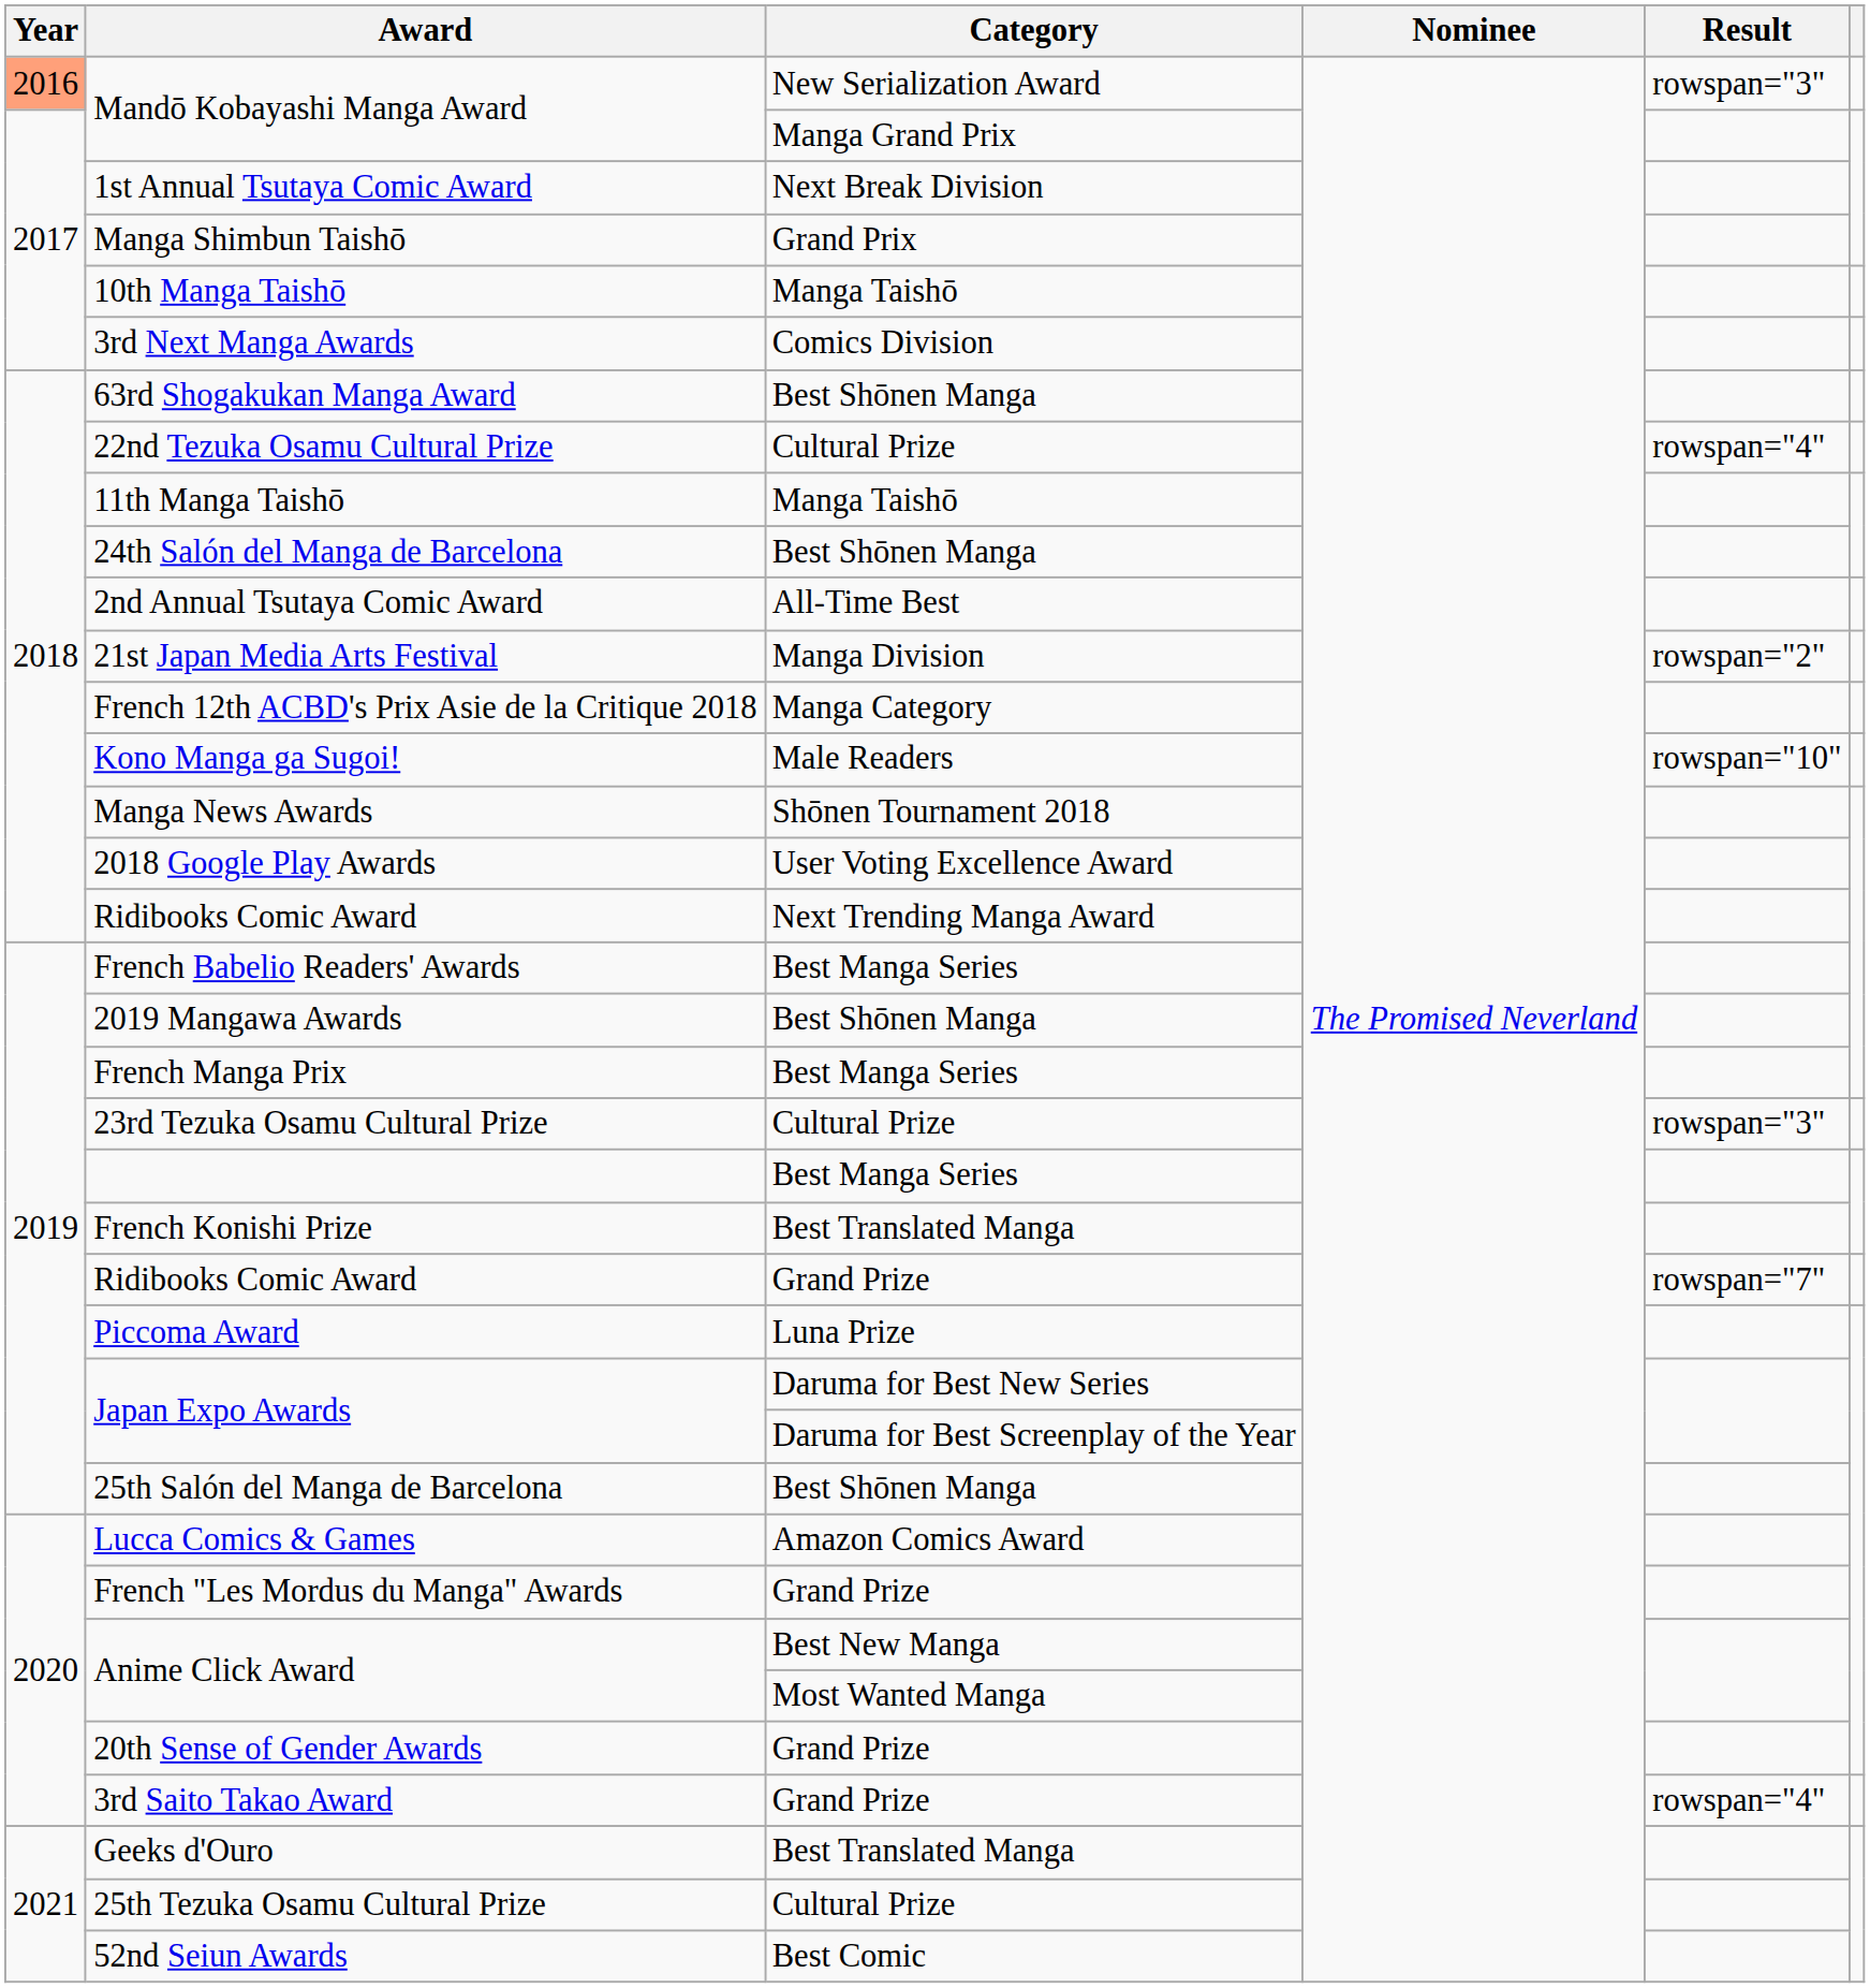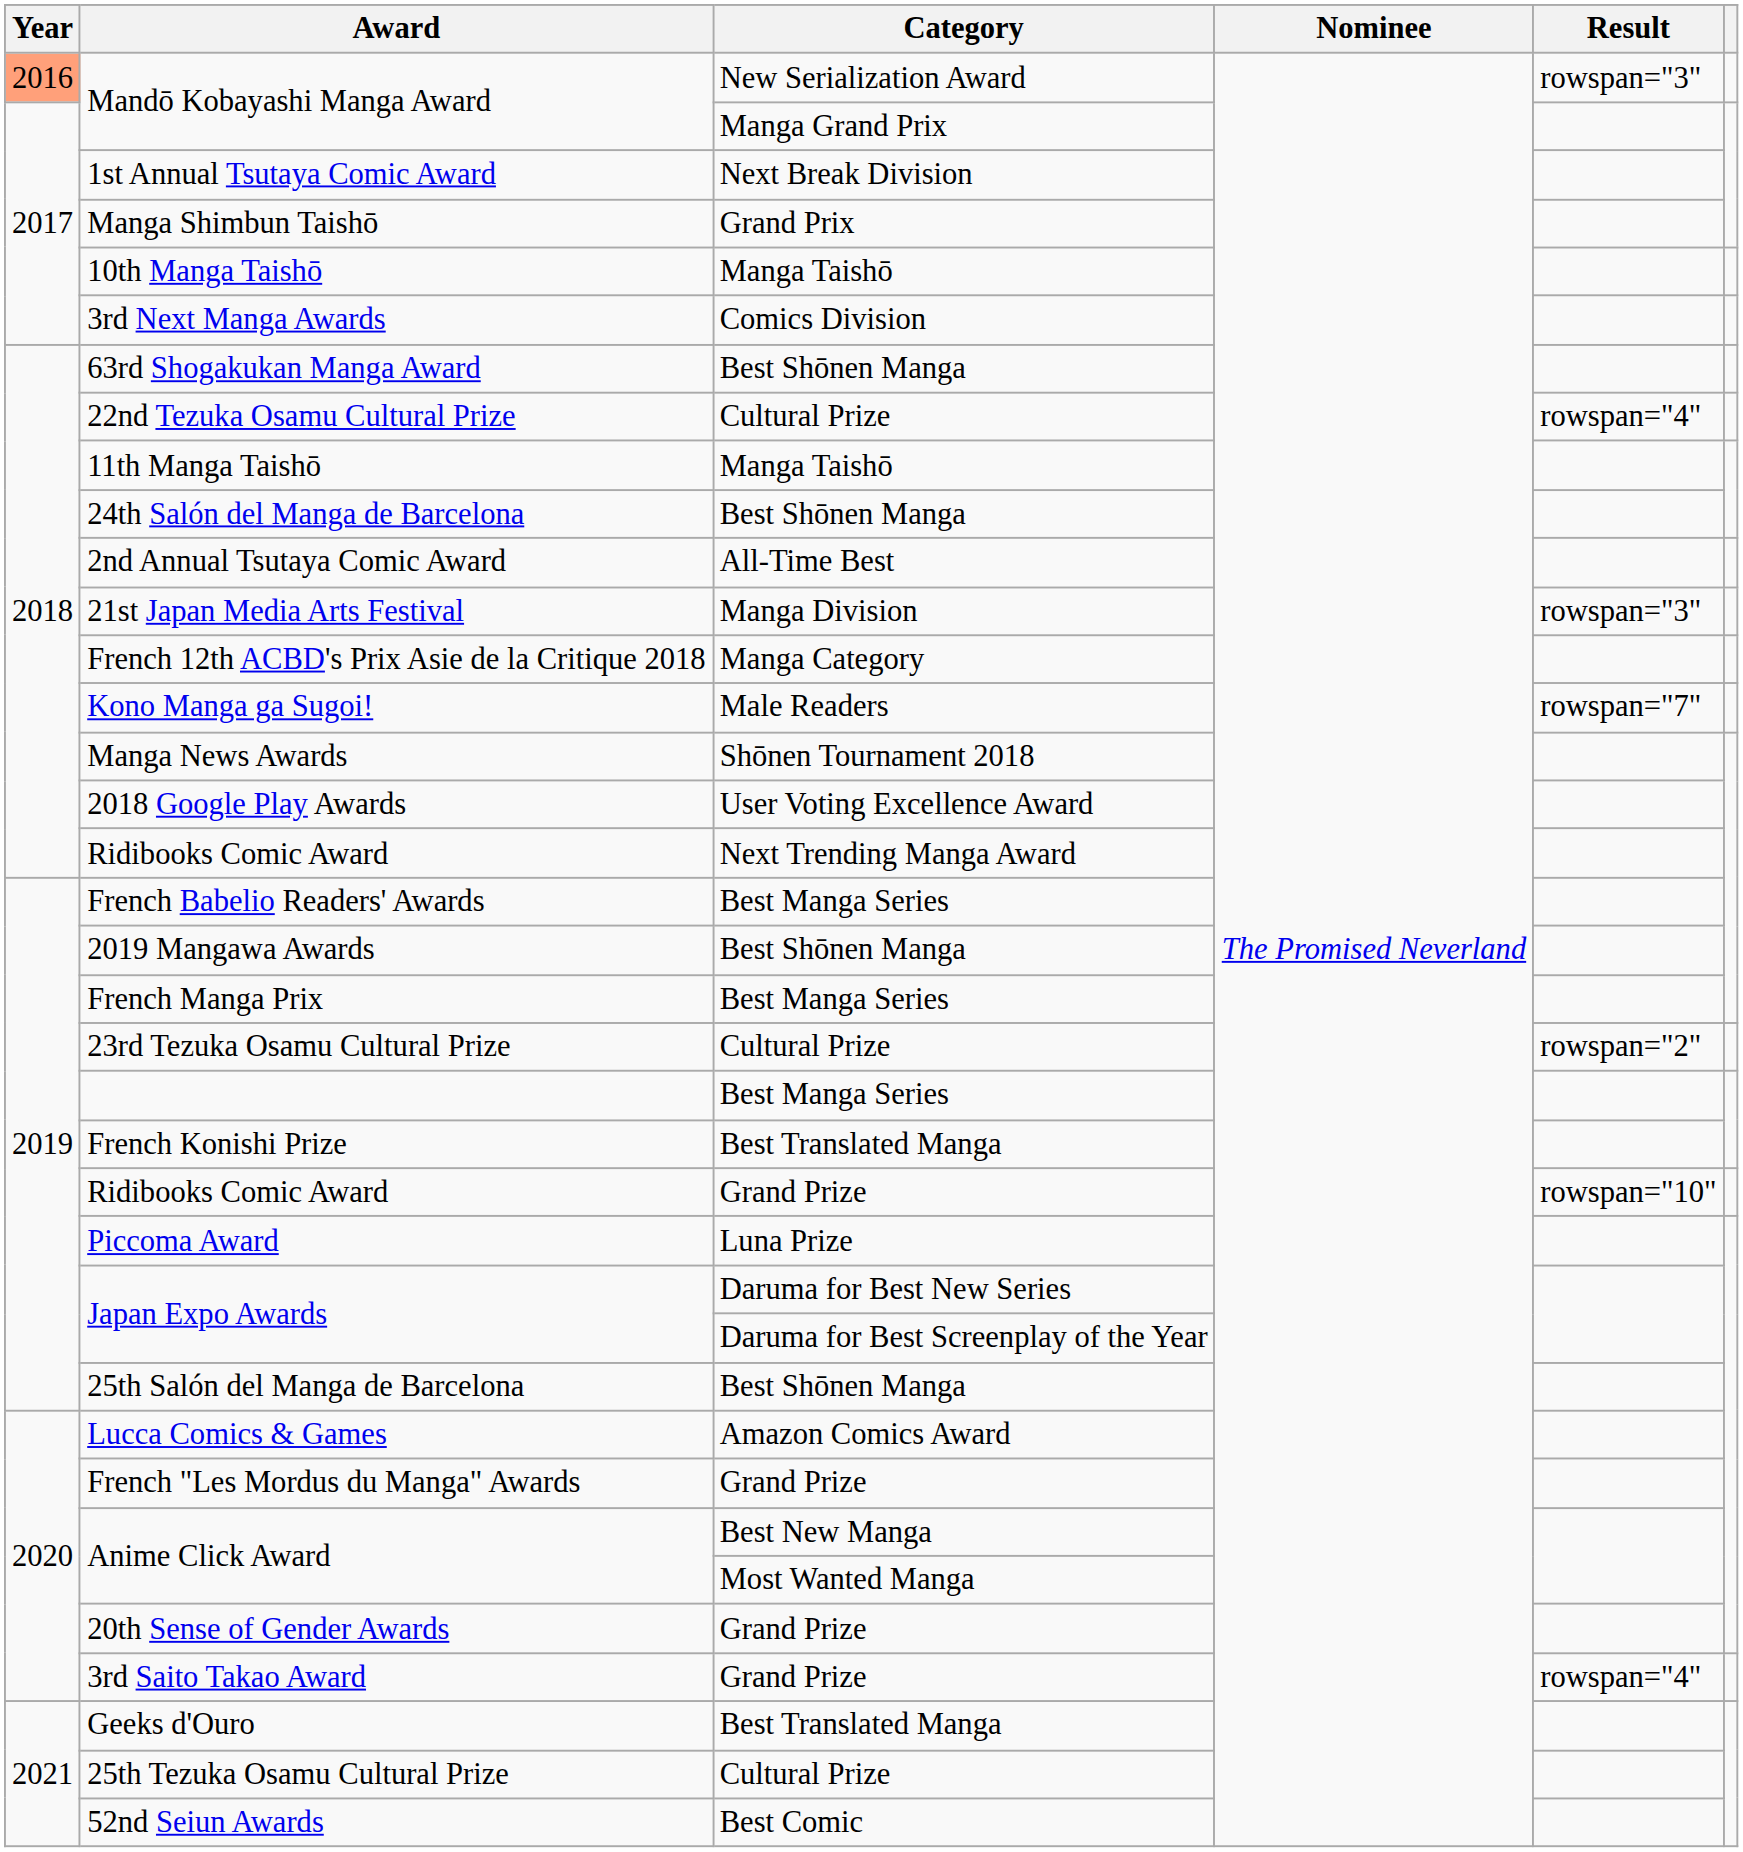 <table class="wikitable sortable">
 <tr>
 <th>Year</th>
 <th>Award</th>
 <th>Category</th>
 <th>Nominee</th>
 <th>Result</th>
 <th></th>
 </tr>
 <tr>
 <td style="background: lightsalmon;">2016</td>
 <td rowspan="2">Mandō Kobayashi Manga Award</td>
 <td>New Serialization Award</td>
 <td rowspan="37"><em><a href='#'>The Promised Neverland</a></em></td>
 <td>rowspan="3" </td>
 <td align=center></td>
 </tr>
 <tr>
 <td rowspan="5">2017</td>
 <td>Manga Grand Prix</td>
 <td align=center></td>
 </tr>
 <tr>
 <td>1st Annual <a href='#'>Tsutaya Comic Award</a></td>
 <td>Next Break Division</td>
 <td align=center></td>
 </tr>
 <tr>
 <td>Manga Shimbun Taishō</td>
 <td>Grand Prix</td>
 <td align=center></td>
 </tr>
 <tr>
 <td>10th <a href='#'>Manga Taishō</a></td>
 <td>Manga Taishō</td>
 <td></td>
 <td align=center></td>
 </tr>
 <tr>
 <td>3rd <a href='#'>Next Manga Awards</a></td>
 <td>Comics Division</td>
 <td></td>
 <td align=center></td>
 </tr>
 <tr>
 <td rowspan="11">2018</td>
 <td>63rd <a href='#'>Shogakukan Manga Award</a></td>
 <td>Best Shōnen Manga</td>
 <td></td>
 <td align=center></td>
 </tr>
 <tr>
 <td>22nd <a href='#'>Tezuka Osamu Cultural Prize</a></td>
 <td>Cultural Prize</td>
 <td>rowspan="4" </td>
 <td align=center></td>
 </tr>
 <tr>
 <td>11th Manga Taishō</td>
 <td>Manga Taishō</td>
 <td align=center></td>
 </tr>
 <tr>
 <td>24th <a href='#'>Salón del Manga de Barcelona</a></td>
 <td>Best Shōnen Manga</td>
 <td align=center></td>
 </tr>
 <tr>
 <td>2nd Annual Tsutaya Comic Award</td>
 <td>All-Time Best</td>
 <td></td>
 <td align=center></td>
 </tr>
 <tr>
 <td>21st <a href='#'>Japan Media Arts Festival</a></td>
 <td>Manga Division</td>
-<td>rowspan="2" </td>
+<td>rowspan="3"</td>
 <td align=center></td>
 </tr>
 <tr>
 <td>French 12th <a href='#'>ACBD</a>'s Prix Asie de la Critique 2018</td>
 <td>Manga Category</td>
 <td align=center></td>
 </tr>
 <tr>
 <td><a href='#'>Kono Manga ga Sugoi!</a></td>
 <td>Male Readers</td>
-<td>rowspan="10" </td>
+<td>rowspan="7" </td>
 <td align=center></td>
 </tr>
 <tr>
 <td>Manga News Awards</td>
 <td>Shōnen Tournament 2018</td>
 <td align=center></td>
 </tr>
 <tr>
 <td>2018 <a href='#'>Google Play</a> Awards</td>
 <td>User Voting Excellence Award</td>
 <td align=center></td>
 </tr>
 <tr>
 <td>Ridibooks Comic Award</td>
 <td>Next Trending Manga Award</td>
 <td align=center></td>
 </tr>
 <tr>
 <td rowspan="11">2019</td>
 <td>French <a href='#'>Babelio</a> Readers' Awards</td>
 <td>Best Manga Series</td>
 <td align=center></td>
 </tr>
 <tr>
 <td>2019 Mangawa Awards</td>
 <td>Best Shōnen Manga</td>
 <td align=center></td>
 </tr>
 <tr>
 <td>French Manga Prix</td>
 <td>Best Manga Series</td>
 <td align=center></td>
 </tr>
 <tr>
 <td>23rd Tezuka Osamu Cultural Prize</td>
 <td>Cultural Prize</td>
-<td>rowspan="3"</td>
+<td>rowspan="2" </td>
 <td align=center></td>
 </tr>
 <tr>
 <td></td>
 <td>Best Manga Series</td>
 <td align=center></td>
 </tr>
 <tr>
 <td>French Konishi Prize</td>
 <td>Best Translated Manga</td>
 <td align=center></td>
 </tr>
 <tr>
 <td>Ridibooks Comic Award</td>
 <td>Grand Prize</td>
-<td>rowspan="7" </td>
+<td>rowspan="10" </td>
 <td align=center></td>
 </tr>
 <tr>
 <td><a href='#'>Piccoma Award</a></td>
 <td>Luna Prize</td>
 <td align=center></td>
 </tr>
 <tr>
 <td rowspan="2"><a href='#'>Japan Expo Awards</a></td>
 <td>Daruma for Best New Series</td>
 <td rowspan="2" style="text-align:center;"></td>
 </tr>
 <tr>
 <td>Daruma for Best Screenplay of the Year</td>
 </tr>
 <tr>
 <td>25th Salón del Manga de Barcelona</td>
 <td>Best Shōnen Manga</td>
 <td align=center></td>
 </tr>
 <tr>
 <td rowspan="6">2020</td>
 <td><a href='#'>Lucca Comics & Games</a></td>
 <td>Amazon Comics Award</td>
 <td align=center></td>
 </tr>
 <tr>
 <td>French "Les Mordus du Manga" Awards</td>
 <td>Grand Prize</td>
 <td style="text-align:center;"></td>
 </tr>
 <tr>
 <td rowspan="2">Anime Click Award</td>
 <td>Best New Manga</td>
 <td rowspan="2" style="text-align:center;"></td>
 </tr>
 <tr>
 <td>Most Wanted Manga</td>
 </tr>
 <tr>
 <td>20th <a href='#'>Sense of Gender Awards</a></td>
 <td>Grand Prize</td>
 <td align=center></td>
 </tr>
 <tr>
 <td>3rd <a href='#'>Saito Takao Award</a></td>
 <td>Grand Prize</td>
 <td>rowspan="4" </td>
 <td align=center></td>
 </tr>
 <tr>
 <td rowspan="3">2021</td>
 <td>Geeks d'Ouro</td>
 <td>Best Translated Manga</td>
 <td align=center></td>
 </tr>
 <tr>
 <td>25th Tezuka Osamu Cultural Prize</td>
 <td>Cultural Prize</td>
 <td align=center></td>
 </tr>
 <tr>
 <td>52nd <a href='#'>Seiun Awards</a></td>
 <td>Best Comic</td>
 <td align=center></td>
 </tr>
 </table>
